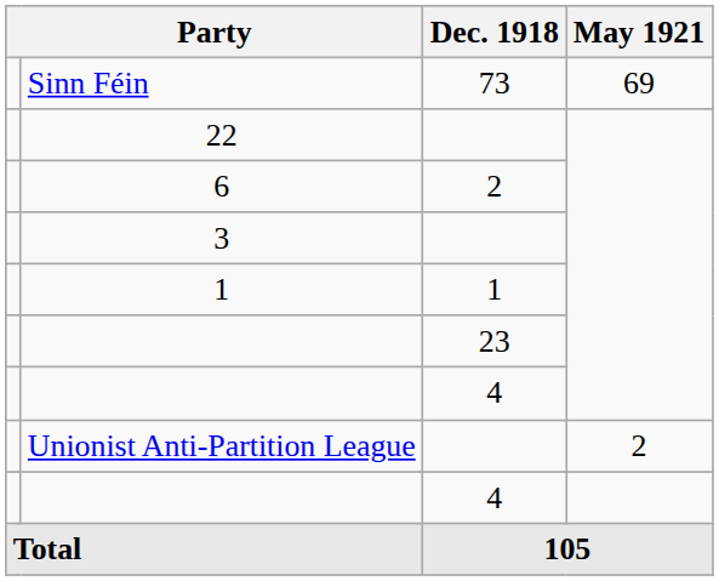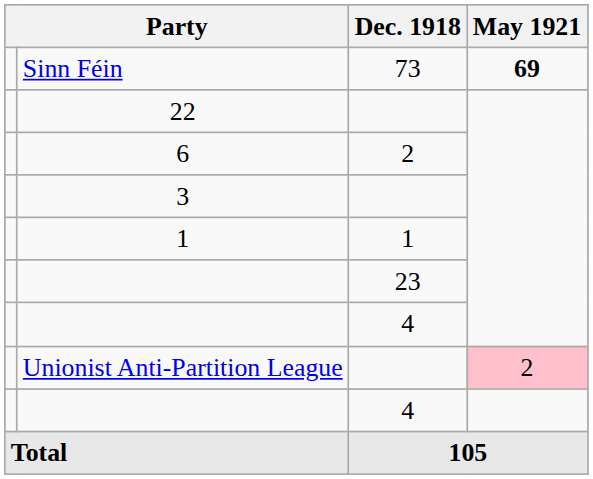 <table class="wikitable" style="font-size: 95%;">
 <tr>
 <th colspan=2>Party</th>
 <th>Dec. 1918</th>
 <th>May 1921</th>
 </tr>
 <tr>
 <td style="background-color: "></td>
 <td align="left"><a href='#'>Sinn Féin</a></td>
 <td align="center">73</td>
-<td align="center">69</td>
+<td align="center"><strong>69</strong></td>
 </tr>
 <tr style="text-align:center">
 <td></td>
 <td align="center">22</td>
 <td></td>
 </tr>
 <tr>
 <td></td>
 <td align="center">6</td>
 <td align="center">2</td>
 </tr>
 <tr>
 <td></td>
 <td align="center">3</td>
 <td></td>
 </tr>
 <tr>
 <td></td>
 <td align="center">1</td>
 <td align="center">1</td>
 </tr>
 <tr>
 <td></td>
 <td></td>
 <td align="center">23</td>
 </tr>
 <tr>
 <td></td>
 <td></td>
 <td align="center">4</td>
 </tr>
 <tr>
 <td style="background-color:"></td>
 <td align="left"><a href='#'>Unionist Anti-Partition League</a></td>
 <td></td>
-<td align="center">2</td>
+<td align="center" style="background: pink;">2</td>
 </tr>
 <tr>
 <td></td>
 <td></td>
 <td align="center">4</td>
 </tr>
 <tr style="font-weight:bold; background:rgb(232,232,232);">
 <td colspan="2">Total</td>
 <td colspan="2" align="center">105</td>
 </tr>
 </table>
